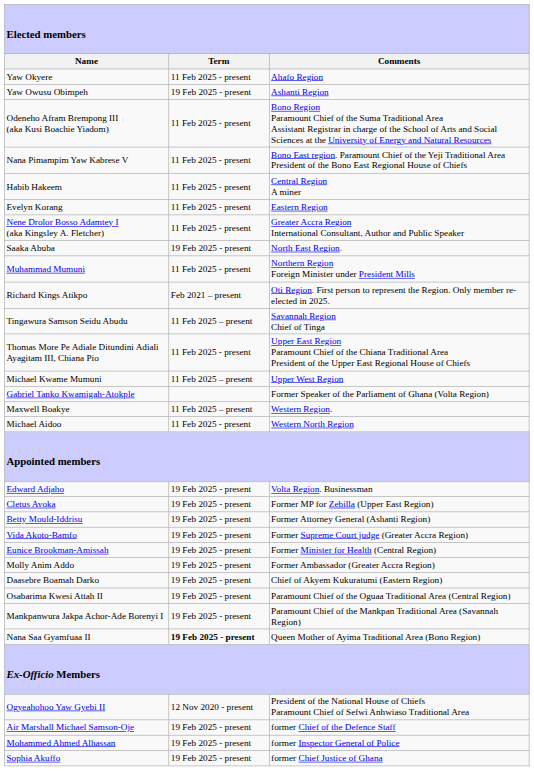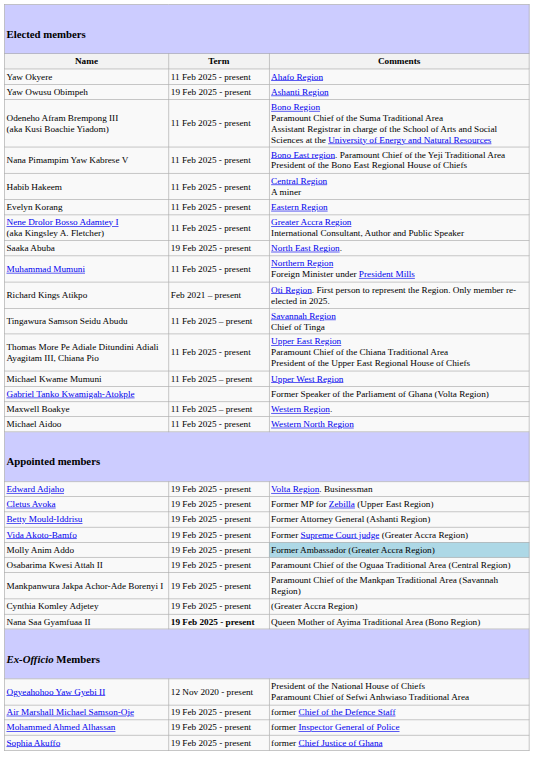 <table class="wikitable" style="font-size:90%; text-align:left;">
 <tr>
 <td colspan=3 bgcolor=ccccff><br><h3>Elected members</h3></td>
 </tr>
 <tr>
 <th width=250>Name</th>
 <th width=150>Term</th>
 <th width=400>Comments</th>
 </tr>
 <tr>
 <td>Yaw Okyere</td>
 <td>11 Feb 2025 - present</td>
 <td><a href='#'>Ahafo Region</a></td>
 </tr>
 <tr>
 <td>Yaw Owusu Obimpeh</td>
 <td>19 Feb 2025 - present</td>
 <td><a href='#'>Ashanti Region</a><br></td>
 </tr>
 <tr>
 <td>Odeneho Afram Brempong III<br>(aka Kusi Boachie Yiadom)</td>
 <td>11 Feb 2025 - present</td>
 <td><a href='#'>Bono Region</a><br>Paramount Chief of the Suma Traditional Area<br>Assistant Registrar in charge of the School of Arts and Social Sciences at the <a href='#'>University of Energy and Natural Resources</a></td>
 </tr>
 <tr>
 <td>Nana Pimampim Yaw Kabrese   V</td>
 <td>11 Feb 2025 - present</td>
 <td><a href='#'>Bono East region</a>. Paramount Chief of the Yeji Traditional Area<br>President of the Bono East Regional House of Chiefs</td>
 </tr>
 <tr>
 <td>Habib Hakeem</td>
 <td>11 Feb 2025 - present</td>
 <td><a href='#'>Central Region</a><br> A miner</td>
 </tr>
 <tr>
 <td>Evelyn Korang</td>
 <td>11 Feb 2025 - present</td>
 <td><a href='#'>Eastern Region</a></td>
 </tr>
 <tr>
 <td><a href='#'>Nene Drolor Bosso Adamtey I</a><br>(aka Kingsley A. Fletcher)</td>
 <td>11 Feb 2025 - present</td>
 <td><a href='#'>Greater Accra Region</a><br> International Consultant, Author and Public Speaker</td>
 </tr>
 <tr>
 <td>Saaka Abuba</td>
 <td>19 Feb 2025 - present</td>
 <td><a href='#'>North East Region</a>.</td>
 </tr>
 <tr>
 <td><a href='#'>Muhammad Mumuni</a></td>
 <td>11 Feb 2025 - present</td>
 <td><a href='#'>Northern Region</a><br>Foreign Minister under <a href='#'>President Mills</a></td>
 </tr>
 <tr>
 <td>Richard Kings Atikpo</td>
 <td>Feb 2021 – present</td>
 <td><a href='#'>Oti Region</a>. First person to represent the Region. Only member re-elected in 2025.</td>
 </tr>
 <tr>
 <td>Tingawura Samson Seidu Abudu</td>
 <td>11 Feb 2025 – present</td>
 <td><a href='#'>Savannah Region</a> <br>Chief of Tinga</td>
 </tr>
 <tr>
 <td>Thomas More Pe Adiale Ditundini Adiali Ayagitam III, Chiana Pio</td>
 <td>11 Feb 2025 - present</td>
 <td><a href='#'>Upper East Region</a><br>Paramount Chief of the Chiana Traditional Area<br>President of the Upper East Regional House of Chiefs</td>
 </tr>
 <tr>
 <td>Michael Kwame Mumuni</td>
 <td>11 Feb 2025 – present</td>
 <td><a href='#'>Upper West Region</a></td>
 </tr>
 <tr>
 <td><a href='#'>Gabriel Tanko Kwamigah-Atokple</a></td>
 <td></td>
 <td>Former Speaker of the Parliament of Ghana (Volta Region)</td>
 </tr>
 <tr>
 <td>Maxwell Boakye</td>
 <td>11 Feb 2025 – present</td>
 <td><a href='#'>Western Region</a>.</td>
 </tr>
 <tr>
 <td>Michael Aidoo</td>
 <td>11 Feb 2025 - present</td>
 <td><a href='#'>Western North Region</a></td>
 </tr>
 <tr>
 <td colspan=3 bgcolor=ccccff><br><h3>Appointed members</h3></td>
 </tr>
 <tr>
 <td><a href='#'>Edward Adjaho</a></td>
 <td>19 Feb 2025 - present</td>
 <td><a href='#'>Volta Region</a>. Businessman</td>
 </tr>
 <tr>
 <td><a href='#'>Cletus Avoka</a></td>
 <td>19 Feb 2025 - present</td>
 <td>Former MP for <a href='#'>Zebilla</a> (Upper East Region)</td>
 </tr>
 <tr>
 <td><a href='#'>Betty Mould-Iddrisu</a></td>
 <td>19 Feb 2025 - present</td>
 <td>Former Attorney General (Ashanti Region)</td>
 </tr>
 <tr>
 <td><a href='#'>Vida Akoto-Bamfo</a></td>
 <td>19 Feb 2025 - present</td>
 <td>Former <a href='#'>Supreme Court judge</a> (Greater Accra Region)</td>
 </tr>
 <tr>
-<td><a href='#'>Eunice Brookman-Amissah</a></td>
-<td>19 Feb 2025 - present</td>
-<td>Former <a href='#'>Minister for Health</a> (Central Region)</td>
-</tr>
-<tr>
 <td>Molly Anim Addo</td>
 <td>19 Feb 2025 - present</td>
-<td>Former Ambassador (Greater Accra Region)</td>
-</tr>
-<tr>
-<td>Daasebre Boamah Darko</td>
-<td>19 Feb 2025 - present</td>
-<td>Chief of Akyem Kukuratumi (Eastern Region)</td>
+<td style="background: lightblue;">Former Ambassador (Greater Accra Region)</td>
 </tr>
 <tr>
 <td>Osabarima Kwesi Attah II</td>
 <td>19 Feb 2025 - present</td>
 <td>Paramount Chief of the Oguaa Traditional Area (Central Region)</td>
 </tr>
 <tr>
 <td>Mankpanwura Jakpa Achor-Ade Borenyi I</td>
 <td>19 Feb 2025 - present</td>
 <td>Paramount Chief of the Mankpan Traditional Area (Savannah Region)</td>
+</tr>
+<tr>
+<td>Cynthia Komley Adjetey</td>
+<td>19 Feb 2025 - present</td>
+<td>(Greater Accra Region)</td>
 </tr>
 <tr>
 <td>Nana Saa Gyamfuaa II</td>
 <td><strong>19 Feb 2025 - present</strong></td>
 <td>Queen Mother of Ayima Traditional Area (Bono Region)</td>
 </tr>
 <tr>
 <td colspan=3 bgcolor=ccccff><br><h3><em>Ex-Officio</em> Members</h3></td>
 </tr>
 <tr>
 <td><a href='#'>Ogyeahohoo Yaw Gyebi II</a></td>
 <td>12 Nov 2020 - present</td>
 <td>President of the National House of Chiefs<br>Paramount Chief of Sefwi Anhwiaso Traditional Area</td>
 </tr>
 <tr>
 <td><a href='#'>Air Marshall Michael Samson-Oje</a></td>
 <td>19 Feb 2025 - present</td>
 <td>former <a href='#'>Chief of the Defence Staff</a></td>
 </tr>
 <tr>
 <td><a href='#'>Mohammed Ahmed Alhassan</a></td>
 <td>19 Feb 2025 - present</td>
 <td>former <a href='#'>Inspector General of Police</a></td>
 </tr>
 <tr>
 <td><a href='#'>Sophia Akuffo</a></td>
 <td>19 Feb 2025 - present</td>
 <td>former <a href='#'>Chief Justice of Ghana</a></td>
 </tr>
 </table>
